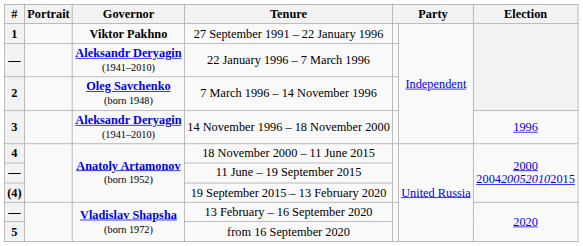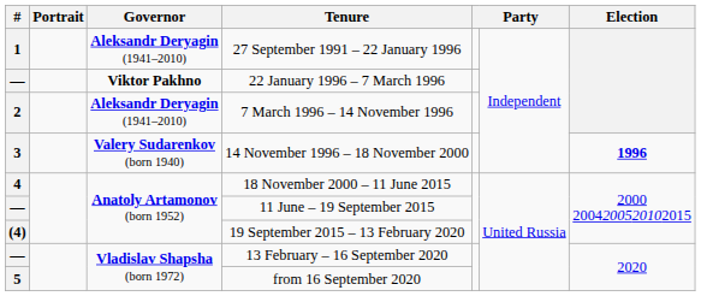 <table class="wikitable" style="text-align:center">
 <tr style="background:#cccccc" bgcolor=#E6E6AA>
 <th>#</th>
 <th>Portrait</th>
 <th>Governor</th>
 <th>Tenure</th>
 <th colspan="2">Party</th>
 <th>Election</th>
 </tr>
 <tr>
 <th>1</th>
 <td></td>
-<td><strong>Viktor Pakhno</strong></td>
+<td><strong><a href='#'>Aleksandr Deryagin</a></strong><br><small>(1941–2010)</small></td>
 <td>27 September 1991 – 22 January 1996</td>
 <td style="background: "></td>
 <td rowspan=4><a href='#'>Independent</a></td>
 <th rowspan=3></th>
 </tr>
 <tr>
 <th>—</th>
 <td></td>
-<td><strong><a href='#'>Aleksandr Deryagin</a></strong><br><small>(1941–2010)</small></td>
+<td><strong>Viktor Pakhno</strong></td>
 <td>22 January 1996 – 7 March 1996</td>
 <td style="background: "></td>
 </tr>
 <tr>
 <th>2</th>
 <td></td>
-<td><strong><a href='#'>Oleg Savchenko</a></strong><br><small>(born 1948)</small></td>
+<td><strong><a href='#'>Aleksandr Deryagin</a></strong><br><small>(1941–2010)</small></td>
 <td>7 March 1996 – 14 November 1996</td>
 <td style="background: "></td>
 </tr>
 <tr>
 <th>3</th>
 <td></td>
-<td><strong><a href='#'>Aleksandr Deryagin</a></strong><br><small>(1941–2010)</small></td>
+<td><strong><a href='#'>Valery Sudarenkov</a></strong><br><small>(born 1940)</small></td>
 <td>14 November 1996 – 18 November 2000</td>
 <td style="background: "></td>
-<td><a href='#'>1996</a></td>
+<td><strong><a href='#'>1996</a></strong></td>
 </tr>
 <tr>
 <th>4</th>
 <td rowspan=3></td>
 <td rowspan=3><strong><a href='#'>Anatoly Artamonov</a></strong><br><small>(born 1952)</small></td>
 <td>18 November 2000 – 11 June 2015</td>
 <td rowspan=3; style="background: "></td>
 <td rowspan=5><a href='#'>United Russia</a></td>
 <td rowspan=3><a href='#'>2000</a><br><a href='#'>2004</a><em><a href='#'>2005</a></em><em><a href='#'>2010</a></em><a href='#'>2015</a></td>
 </tr>
 <tr>
 <th>—</th>
 <td>11 June – 19 September 2015</td>
 </tr>
 <tr>
 <th>(4)</th>
 <td>19 September 2015 – 13 February 2020</td>
 </tr>
 <tr>
 <th>—</th>
 <td rowspan=2></td>
 <td rowspan=2><strong><a href='#'>Vladislav Shapsha</a></strong><br><small>(born 1972)</small></td>
 <td>13 February – 16 September 2020</td>
 <td rowspan=2; style="background: "></td>
 <td rowspan=2><a href='#'>2020</a></td>
 </tr>
 <tr>
 <th>5</th>
 <td>from 16 September 2020</td>
 </tr>
 </table>
